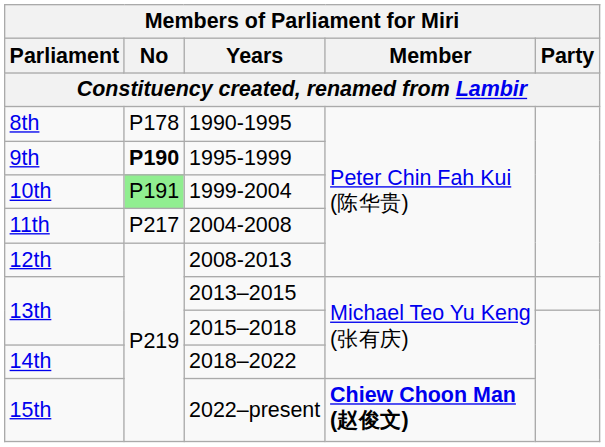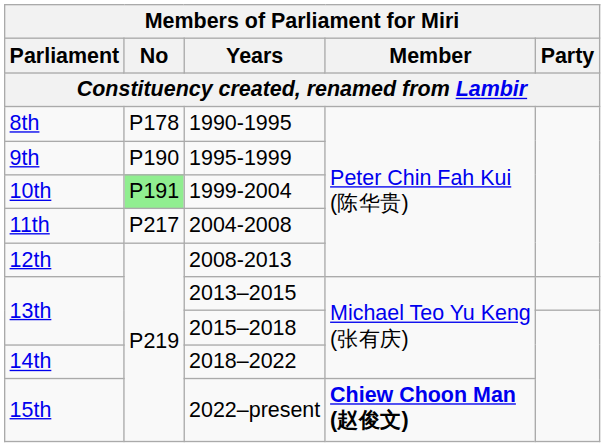 <table class=wikitable>
 <tr>
 <th colspan="5">Members of Parliament for Miri</th>
 </tr>
 <tr>
 <th>Parliament</th>
 <th>No</th>
 <th>Years</th>
 <th>Member</th>
 <th>Party</th>
 </tr>
 <tr>
 <th colspan="5" align="center"><em>Constituency created, renamed from <a href='#'>Lambir</a></em></th>
 </tr>
 <tr>
 <td><a href='#'>8th</a></td>
 <td>P178</td>
 <td>1990-1995</td>
 <td rowspan=5><a href='#'>Peter Chin Fah Kui</a>  <br>(陈华贵)</td>
 <td rowspan="5"></td>
 </tr>
 <tr>
 <td><a href='#'>9th</a></td>
-<td><strong>P190</strong></td>
+<td>P190</td>
 <td>1995-1999</td>
 </tr>
 <tr>
 <td><a href='#'>10th</a></td>
 <td style="background: lightgreen;">P191</td>
 <td>1999-2004</td>
 </tr>
 <tr>
 <td><a href='#'>11th</a></td>
 <td>P217</td>
 <td>2004-2008</td>
 </tr>
 <tr>
 <td><a href='#'>12th</a></td>
 <td rowspan=5>P219</td>
 <td>2008-2013</td>
 </tr>
 <tr>
 <td rowspan=2><a href='#'>13th</a></td>
 <td>2013–2015</td>
 <td rowspan=3><a href='#'>Michael Teo Yu Keng</a> <br> (张有庆)</td>
 <td></td>
 </tr>
 <tr>
 <td>2015–2018</td>
 <td rowspan=3></td>
 </tr>
 <tr>
 <td><a href='#'>14th</a></td>
 <td>2018–2022</td>
 </tr>
 <tr>
 <td><a href='#'>15th</a></td>
 <td>2022–present</td>
 <td><strong><a href='#'>Chiew Choon Man</a>  <br>(赵俊文)</strong></td>
 </tr>
 </table>
